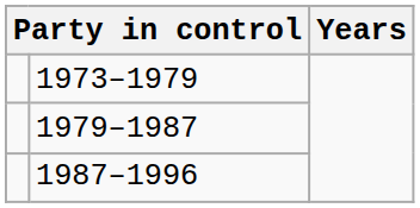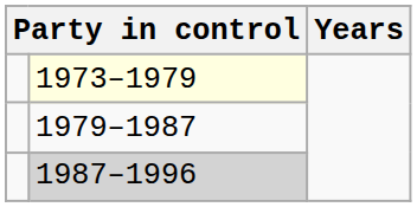 <table class="wikitable">
 <tr>
 <th colspan="2">Party in control</th>
 <th>Years</th>
 </tr>
 <tr>
 <td></td>
-<td>1973–1979</td>
+<td style="background: lightyellow;">1973–1979</td>
 </tr>
 <tr>
 <td></td>
 <td>1979–1987</td>
 </tr>
 <tr>
 <td></td>
-<td>1987–1996</td>
+<td style="background: lightgrey;">1987–1996</td>
 </tr>
 </table>
